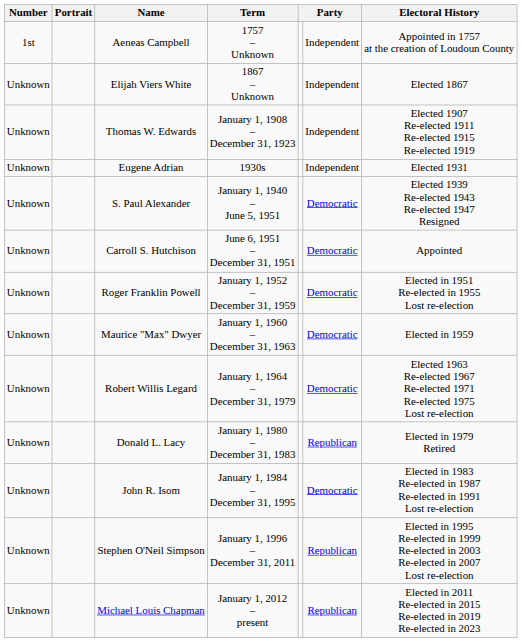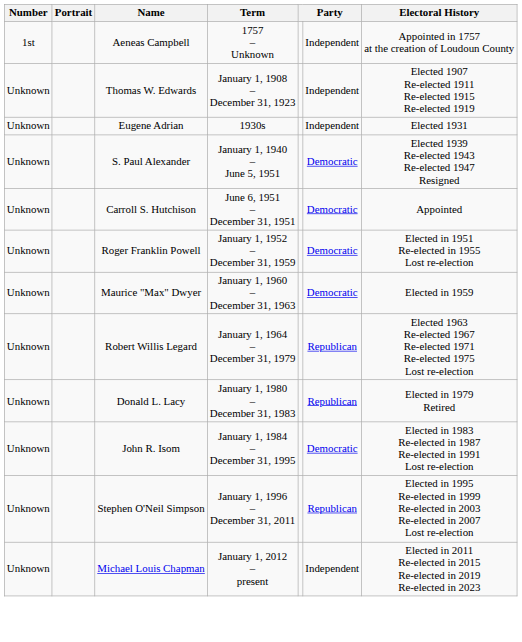 <table class="wikitable sortable" style="text-align:center">
 <tr>
 <th scope=col>Number</th>
 <th scope="col" class="unsortable">Portrait</th>
 <th scope="col">Name</th>
 <th scope=col class="unsortable">Term</th>
 <th colspan="2" scope="col" class="unsortable">Party</th>
 <th scope=col class="unsortable">Electoral History</th>
 </tr>
 <tr>
 <td>1st</td>
 <td></td>
 <td>Aeneas Campbell</td>
 <td>1757<br>–<br>Unknown</td>
 <td style="background:"></td>
 <td>Independent</td>
 <td>Appointed in 1757<br>at the creation of Loudoun County</td>
-</tr>
-<tr>
-<td>Unknown</td>
-<td></td>
-<td>Elijah Viers White</td>
-<td>1867<br>–<br>Unknown</td>
-<td style="background:"></td>
-<td>Independent</td>
-<td>Elected 1867</td>
 </tr>
 <tr>
 <td>Unknown</td>
 <td></td>
 <td>Thomas W. Edwards</td>
 <td>January 1, 1908<br>–<br>December 31, 1923</td>
 <td style="background:"></td>
 <td>Independent</td>
 <td>Elected 1907<br>Re-elected 1911<br>Re-elected 1915<br>Re-elected 1919</td>
 </tr>
 <tr>
 <td>Unknown</td>
 <td></td>
 <td>Eugene Adrian</td>
 <td>1930s</td>
 <td style="background:"></td>
 <td>Independent</td>
 <td>Elected 1931</td>
 </tr>
 <tr>
 <td>Unknown</td>
 <td></td>
 <td>S. Paul Alexander</td>
 <td>January 1, 1940<br>–<br>June 5, 1951</td>
 <td style="background:"></td>
 <td><a href='#'>Democratic</a></td>
 <td>Elected 1939<br>Re-elected 1943<br>Re-elected 1947<br>Resigned</td>
 </tr>
 <tr>
 <td>Unknown</td>
 <td></td>
 <td>Carroll S. Hutchison</td>
 <td>June 6, 1951<br>–<br>December 31, 1951</td>
 <td style="background:"></td>
 <td><a href='#'>Democratic</a></td>
 <td>Appointed</td>
 </tr>
 <tr>
 <td>Unknown</td>
 <td></td>
 <td>Roger Franklin Powell</td>
 <td>January 1, 1952<br>–<br>December 31, 1959</td>
 <td style="background:"></td>
 <td><a href='#'>Democratic</a></td>
 <td>Elected in 1951<br>Re-elected in 1955<br>Lost re-election</td>
 </tr>
 <tr>
 <td>Unknown</td>
 <td></td>
 <td>Maurice "Max" Dwyer</td>
 <td>January 1, 1960<br>–<br>December 31, 1963</td>
 <td style="background:"></td>
 <td><a href='#'>Democratic</a></td>
 <td>Elected in 1959</td>
 </tr>
 <tr>
 <td>Unknown</td>
 <td></td>
 <td>Robert Willis Legard</td>
 <td>January 1, 1964<br>–<br>December 31, 1979</td>
 <td style="background:"></td>
-<td><a href='#'>Democratic</a></td>
+<td><a href='#'>Republican</a></td>
 <td>Elected 1963<br>Re-elected 1967<br>Re-elected 1971<br>Re-elected 1975<br>Lost re-election</td>
 </tr>
 <tr>
 <td>Unknown</td>
 <td></td>
 <td>Donald L. Lacy</td>
 <td>January 1, 1980<br>–<br>December 31, 1983</td>
 <td style="background:"></td>
 <td><a href='#'>Republican</a></td>
 <td>Elected in 1979<br>Retired</td>
 </tr>
 <tr>
 <td>Unknown</td>
 <td></td>
 <td>John R. Isom</td>
 <td>January 1, 1984<br>–<br>December 31, 1995</td>
 <td style="background:"></td>
 <td><a href='#'>Democratic</a></td>
 <td>Elected in 1983<br>Re-elected in 1987<br>Re-elected in 1991<br>Lost re-election</td>
 </tr>
 <tr>
 <td>Unknown</td>
 <td></td>
 <td>Stephen O'Neil Simpson</td>
 <td>January 1, 1996<br>–<br>December 31, 2011</td>
 <td style="background:"></td>
 <td><a href='#'>Republican</a></td>
 <td>Elected in 1995<br>Re-elected in 1999<br>Re-elected in 2003<br>Re-elected in 2007<br>Lost re-election</td>
 </tr>
 <tr>
 <td>Unknown</td>
 <td></td>
 <td><a href='#'>Michael Louis Chapman</a></td>
 <td>January 1, 2012<br>–<br>present</td>
 <td style="background:"></td>
-<td><a href='#'>Republican</a></td>
+<td>Independent</td>
 <td>Elected in 2011<br>Re-elected in 2015<br>Re-elected in 2019<br>Re-elected in 2023</td>
 </tr>
 </table>
